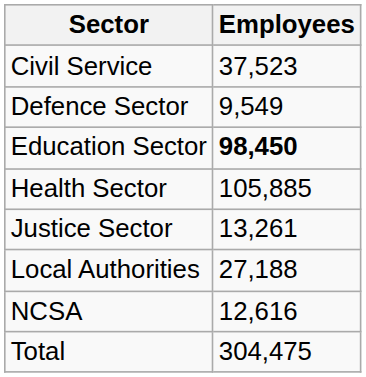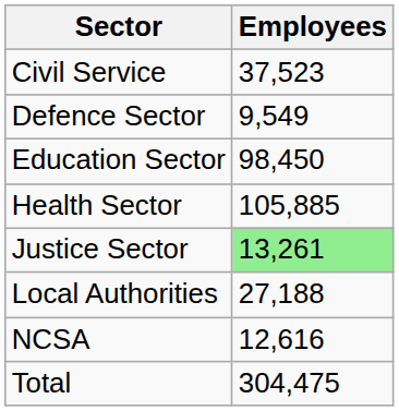 <table class="wikitable sortable">
 <tr>
 <th>Sector</th>
 <th>Employees</th>
 </tr>
 <tr>
 <td>Civil Service</td>
 <td>37,523</td>
 </tr>
 <tr>
 <td>Defence Sector</td>
 <td>9,549</td>
 </tr>
 <tr>
 <td>Education Sector</td>
-<td><strong>98,450</strong></td>
+<td>98,450</td>
 </tr>
 <tr>
 <td>Health Sector</td>
 <td>105,885</td>
 </tr>
 <tr>
 <td>Justice Sector</td>
-<td>13,261</td>
+<td style="background: lightgreen;">13,261</td>
 </tr>
 <tr>
 <td>Local Authorities</td>
 <td>27,188</td>
 </tr>
 <tr>
 <td>NCSA</td>
 <td>12,616</td>
 </tr>
 <tr>
 <td>Total</td>
 <td>304,475</td>
 </tr>
 </table>
